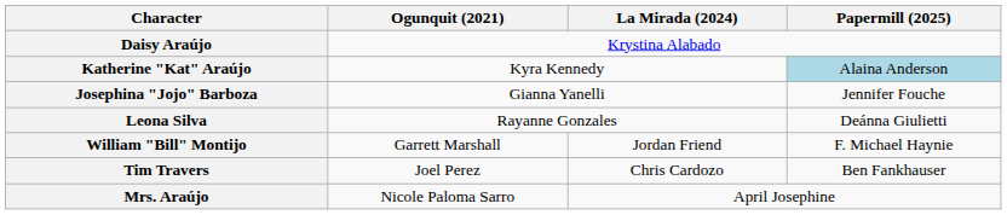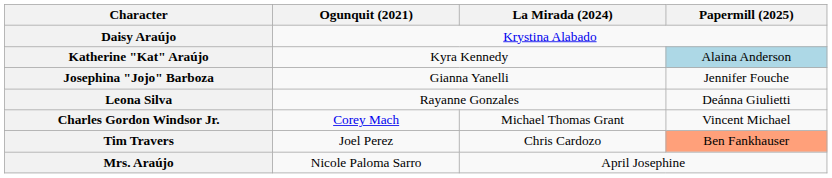 <table class="wikitable" style="width:50%; text-align:center">
 <tr>
 <th scope="col">Character</th>
 <th>Ogunquit (2021)</th>
 <th>La Mirada (2024)</th>
 <th>Papermill (2025)</th>
 </tr>
 <tr>
 <th>Daisy Araújo</th>
 <td colspan="3"><a href='#'>Krystina Alabado</a></td>
 </tr>
 <tr>
 <th>Katherine "Kat" Araújo</th>
 <td colspan="2”">Kyra Kennedy</td>
 <td colspan="1”" style="background: lightblue;">Alaina Anderson</td>
 </tr>
 <tr>
 <th>Josephina "Jojo" Barboza</th>
 <td colspan="2”">Gianna Yanelli</td>
 <td colspan="1">Jennifer Fouche</td>
 </tr>
 <tr>
 <th>Leona Silva</th>
 <td colspan="2">Rayanne Gonzales</td>
 <td colspan="1”">Deánna Giulietti</td>
 </tr>
 <tr>
-<th>William "Bill" Montijo</th>
-<td colspan="1">Garrett Marshall</td>
-<td colspan="1">Jordan Friend</td>
-<td colspan="1">F. Michael Haynie</td>
+<th>Charles Gordon Windsor Jr.</th>
+<td colspan="1"><a href='#'>Corey Mach</a></td>
+<td colspan="1">Michael Thomas Grant</td>
+<td colspan="1">Vincent Michael</td>
 </tr>
 <tr>
 <th>Tim Travers</th>
 <td colspan="1">Joel Perez</td>
 <td colspan="1">Chris Cardozo</td>
-<td colspan="1">Ben Fankhauser</td>
+<td colspan="1" style="background: lightsalmon;">Ben Fankhauser</td>
 </tr>
 <tr>
 <th>Mrs. Araújo</th>
 <td colspan="1">Nicole Paloma Sarro</td>
 <td colspan="2">April Josephine</td>
 </tr>
 </table>
